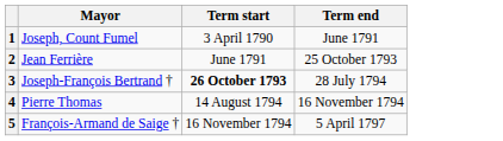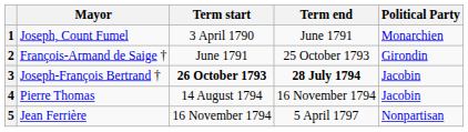 <table class="wikitable">
 <tr>
 <th class=unsortable> </th>
 <th>Mayor</th>
 <th>Term start</th>
 <th>Term end</th>
+<th>Political Party</th>
 </tr>
 <tr>
 <th style="background:">1</th>
 <td><a href='#'>Joseph, Count Fumel</a></td>
 <td align=center>3 April 1790</td>
 <td align=center>June 1791</td>
+<td><a href='#'>Monarchien</a></td>
 </tr>
 <tr>
 <th style="background:">2</th>
-<td><a href='#'>Jean Ferrière</a></td>
+<td><a href='#'>François-Armand de Saige</a> †</td>
 <td align=center>June 1791</td>
 <td align=center>25 October 1793</td>
+<td><a href='#'>Girondin</a></td>
 </tr>
 <tr>
 <th style="background:">3</th>
 <td><a href='#'>Joseph-François Bertrand</a> †</td>
 <td align=center><strong>26 October 1793</strong></td>
-<td align=center>28 July 1794</td>
+<td align=center><strong>28 July 1794</strong></td>
+<td><a href='#'>Jacobin</a></td>
 </tr>
 <tr>
 <th style="background:">4</th>
 <td><a href='#'>Pierre Thomas</a></td>
 <td align=center>14 August 1794</td>
 <td align=center>16 November 1794</td>
+<td><a href='#'>Jacobin</a></td>
 </tr>
 <tr>
 <th style="background:">5</th>
-<td><a href='#'>François-Armand de Saige</a> †</td>
+<td><a href='#'>Jean Ferrière</a></td>
 <td align=center>16 November 1794</td>
 <td align=center>5 April 1797</td>
+<td><a href='#'>Nonpartisan</a></td>
 </tr>
 </table>
